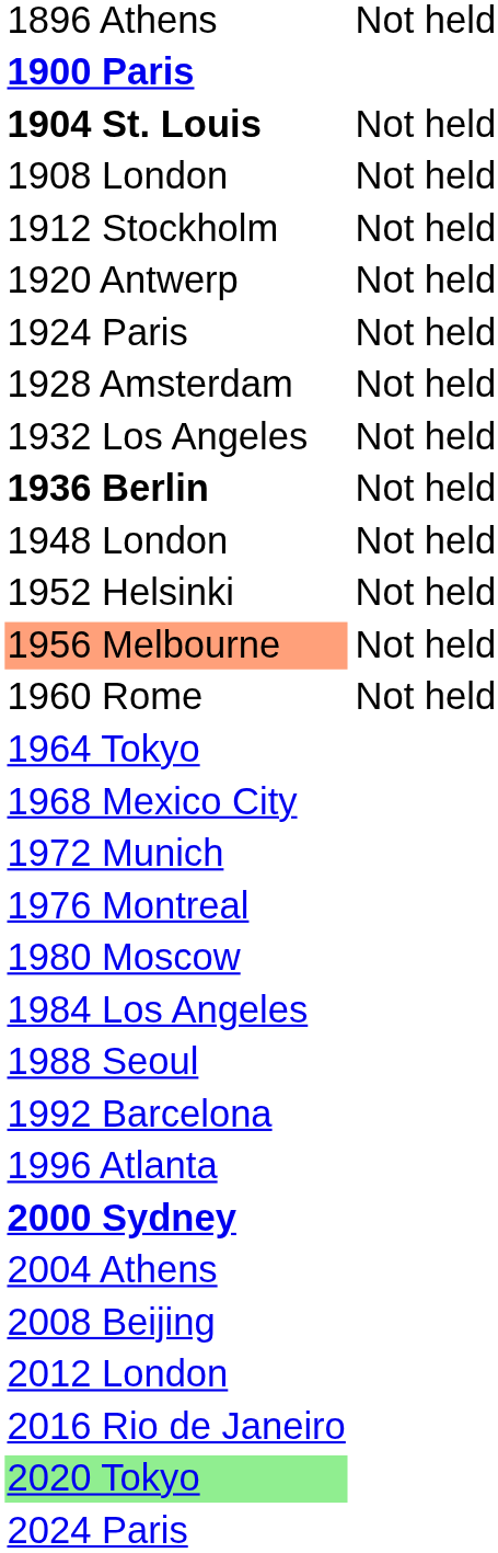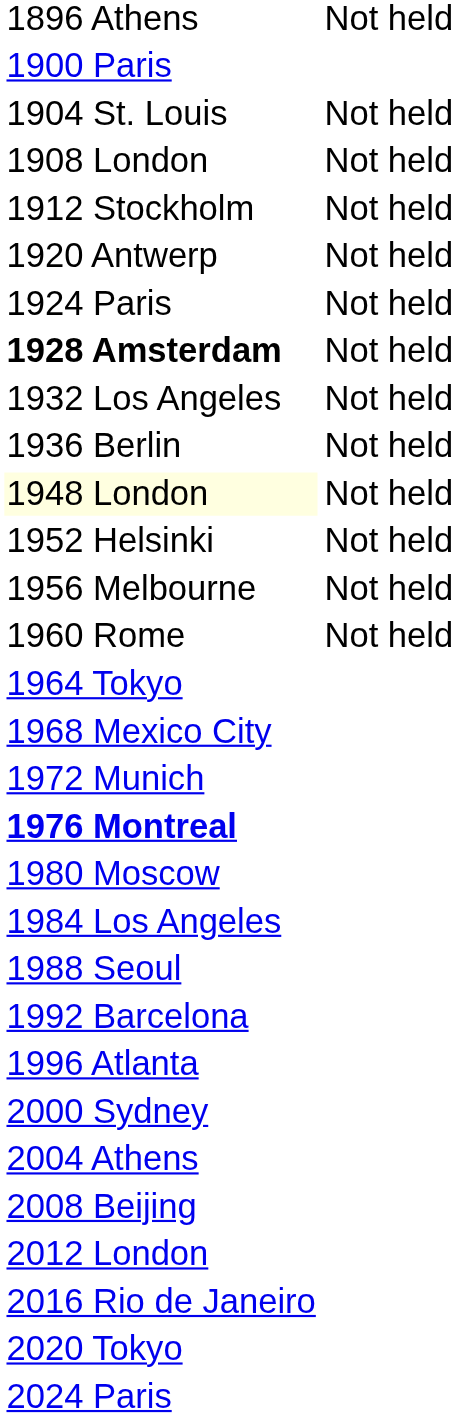 <table>
 <tr>
 <td>1896 Athens</td>
 <td colspan=3 align=center>Not held</td>
 </tr>
 <tr>
-<td><strong><a href='#'>1900 Paris</a><br></strong></td>
+<td><a href='#'>1900 Paris</a><br></td>
 <td></td>
 <td></td>
 <td></td>
 </tr>
 <tr>
-<td><strong>1904 St. Louis</strong></td>
+<td>1904 St. Louis</td>
 <td colspan=3 align=center>Not held</td>
 </tr>
 <tr>
 <td>1908 London</td>
 <td colspan=3 align=center>Not held</td>
 </tr>
 <tr>
 <td>1912 Stockholm</td>
 <td colspan=3 align=center>Not held</td>
 </tr>
 <tr>
 <td>1920 Antwerp</td>
 <td colspan=3 align=center>Not held</td>
 </tr>
 <tr>
 <td>1924 Paris</td>
 <td colspan=3 align=center>Not held</td>
 </tr>
 <tr>
-<td>1928 Amsterdam</td>
+<td><strong>1928 Amsterdam</strong></td>
 <td colspan=3 align=center>Not held</td>
 </tr>
 <tr>
 <td>1932 Los Angeles</td>
 <td colspan=3 align=center>Not held</td>
 </tr>
 <tr>
-<td><strong>1936 Berlin</strong></td>
+<td>1936 Berlin</td>
 <td colspan=3 align=center>Not held</td>
 </tr>
 <tr>
-<td>1948 London</td>
+<td style="background: lightyellow;">1948 London</td>
 <td colspan=3 align=center>Not held</td>
 </tr>
 <tr>
 <td>1952 Helsinki</td>
 <td colspan=3 align=center>Not held</td>
 </tr>
 <tr>
-<td style="background: lightsalmon;">1956 Melbourne</td>
+<td>1956 Melbourne</td>
 <td colspan=3 align=center>Not held</td>
 </tr>
 <tr>
 <td>1960 Rome</td>
 <td colspan=3 align=center>Not held</td>
 </tr>
 <tr>
 <td><a href='#'>1964 Tokyo</a><br></td>
 <td></td>
 <td></td>
 <td></td>
 </tr>
 <tr>
 <td><a href='#'>1968 Mexico City</a><br></td>
 <td></td>
 <td></td>
 <td></td>
 </tr>
 <tr>
 <td><a href='#'>1972 Munich</a><br></td>
 <td></td>
 <td></td>
 <td></td>
 </tr>
 <tr>
-<td><a href='#'>1976 Montreal</a><br></td>
+<td><strong><a href='#'>1976 Montreal</a><br></strong></td>
 <td></td>
 <td></td>
 <td></td>
 </tr>
 <tr>
 <td><a href='#'>1980 Moscow</a><br></td>
 <td></td>
 <td></td>
 <td></td>
 </tr>
 <tr>
 <td><a href='#'>1984 Los Angeles</a><br></td>
 <td></td>
 <td></td>
 <td></td>
 </tr>
 <tr>
 <td><a href='#'>1988 Seoul</a><br></td>
 <td></td>
 <td></td>
 <td></td>
 </tr>
 <tr>
 <td><a href='#'>1992 Barcelona</a><br></td>
 <td></td>
 <td></td>
 <td></td>
 </tr>
 <tr>
 <td><a href='#'>1996 Atlanta</a><br></td>
 <td></td>
 <td></td>
 <td></td>
 </tr>
 <tr>
-<td><strong><a href='#'>2000 Sydney</a><br></strong></td>
+<td><a href='#'>2000 Sydney</a><br></td>
 <td></td>
 <td></td>
 <td></td>
 </tr>
 <tr>
 <td><a href='#'>2004 Athens</a><br></td>
 <td></td>
 <td></td>
 <td></td>
 </tr>
 <tr>
 <td><a href='#'>2008 Beijing</a><br></td>
 <td></td>
 <td></td>
 <td></td>
 </tr>
 <tr>
 <td><a href='#'>2012 London</a><br></td>
 <td></td>
 <td></td>
 <td></td>
 </tr>
 <tr>
 <td><a href='#'>2016 Rio de Janeiro</a><br></td>
 <td></td>
 <td></td>
 <td></td>
 </tr>
 <tr>
-<td style="background: lightgreen;"><a href='#'>2020 Tokyo</a><br></td>
+<td><a href='#'>2020 Tokyo</a><br></td>
 <td></td>
 <td></td>
 <td></td>
 </tr>
 <tr>
 <td><a href='#'>2024 Paris</a><br></td>
 <td></td>
 <td></td>
 <td></td>
 </tr>
 </table>
